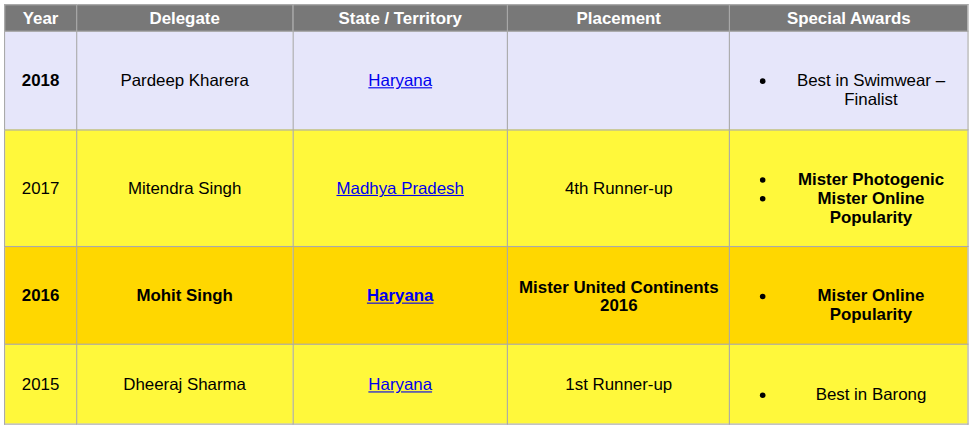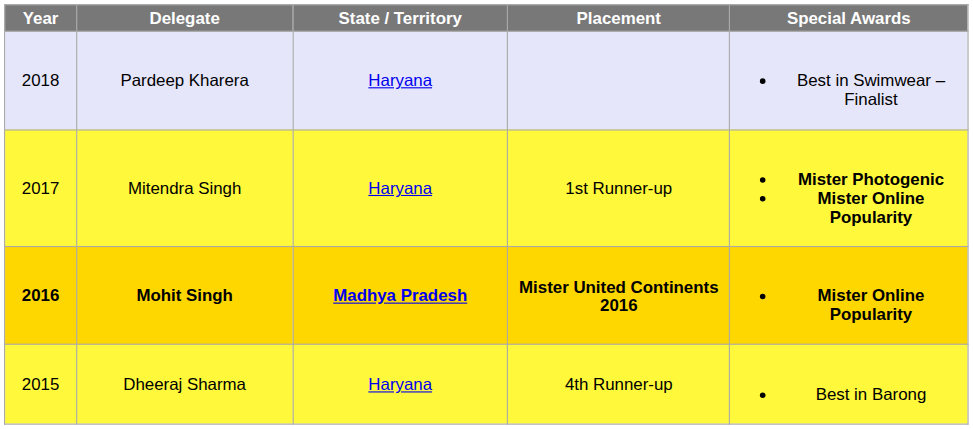 <table class="wikitable sortable" style="font-size: 95%; text-align:center">
 <tr>
 <th width="70" style="background-color:#787878;color:#FFFFFF;">Year</th>
 <th width="250" style="background-color:#787878;color:#FFFFFF;">Delegate</th>
 <th width="250" style="background-color:#787878;color:#FFFFFF;">State / Territory</th>
 <th width="250" style="background-color:#787878;color:#FFFFFF;">Placement</th>
 <th width="250" style="background-color:#787878;color:#FFFFFF;">Special Awards</th>
 </tr>
 <tr style="background-color:lavender;">
-<td><strong> 2018</strong></td>
+<td> 2018</td>
 <td>Pardeep Kharera</td>
 <td><a href='#'>Haryana</a></td>
 <td></td>
 <td><br><ul><li>Best in Swimwear – Finalist</li></ul></td>
 </tr>
 <tr style="background:#FFF83B;">
 <td> 2017</td>
 <td>Mitendra Singh</td>
-<td><a href='#'>Madhya Pradesh</a></td>
-<td>4th Runner-up</td>
+<td><a href='#'>Haryana</a></td>
+<td>1st Runner-up</td>
 <td><strong><br><ul><li>Mister Photogenic</li><li>Mister Online Popularity</li></ul></strong></td>
 </tr>
 <tr style="background:gold; font-weight: bold">
 <td> 2016</td>
 <td>Mohit Singh</td>
-<td><a href='#'>Haryana</a></td>
+<td><a href='#'>Madhya Pradesh</a></td>
 <td>Mister United Continents 2016</td>
 <td><br><ul><li>Mister Online Popularity</li></ul></td>
 </tr>
 <tr style="background:#FFF83B;">
 <td> 2015</td>
 <td>Dheeraj Sharma</td>
 <td><a href='#'>Haryana</a></td>
-<td>1st Runner-up</td>
+<td>4th Runner-up</td>
 <td><br><ul><li>Best in Barong</li></ul></td>
 </tr>
 </table>
